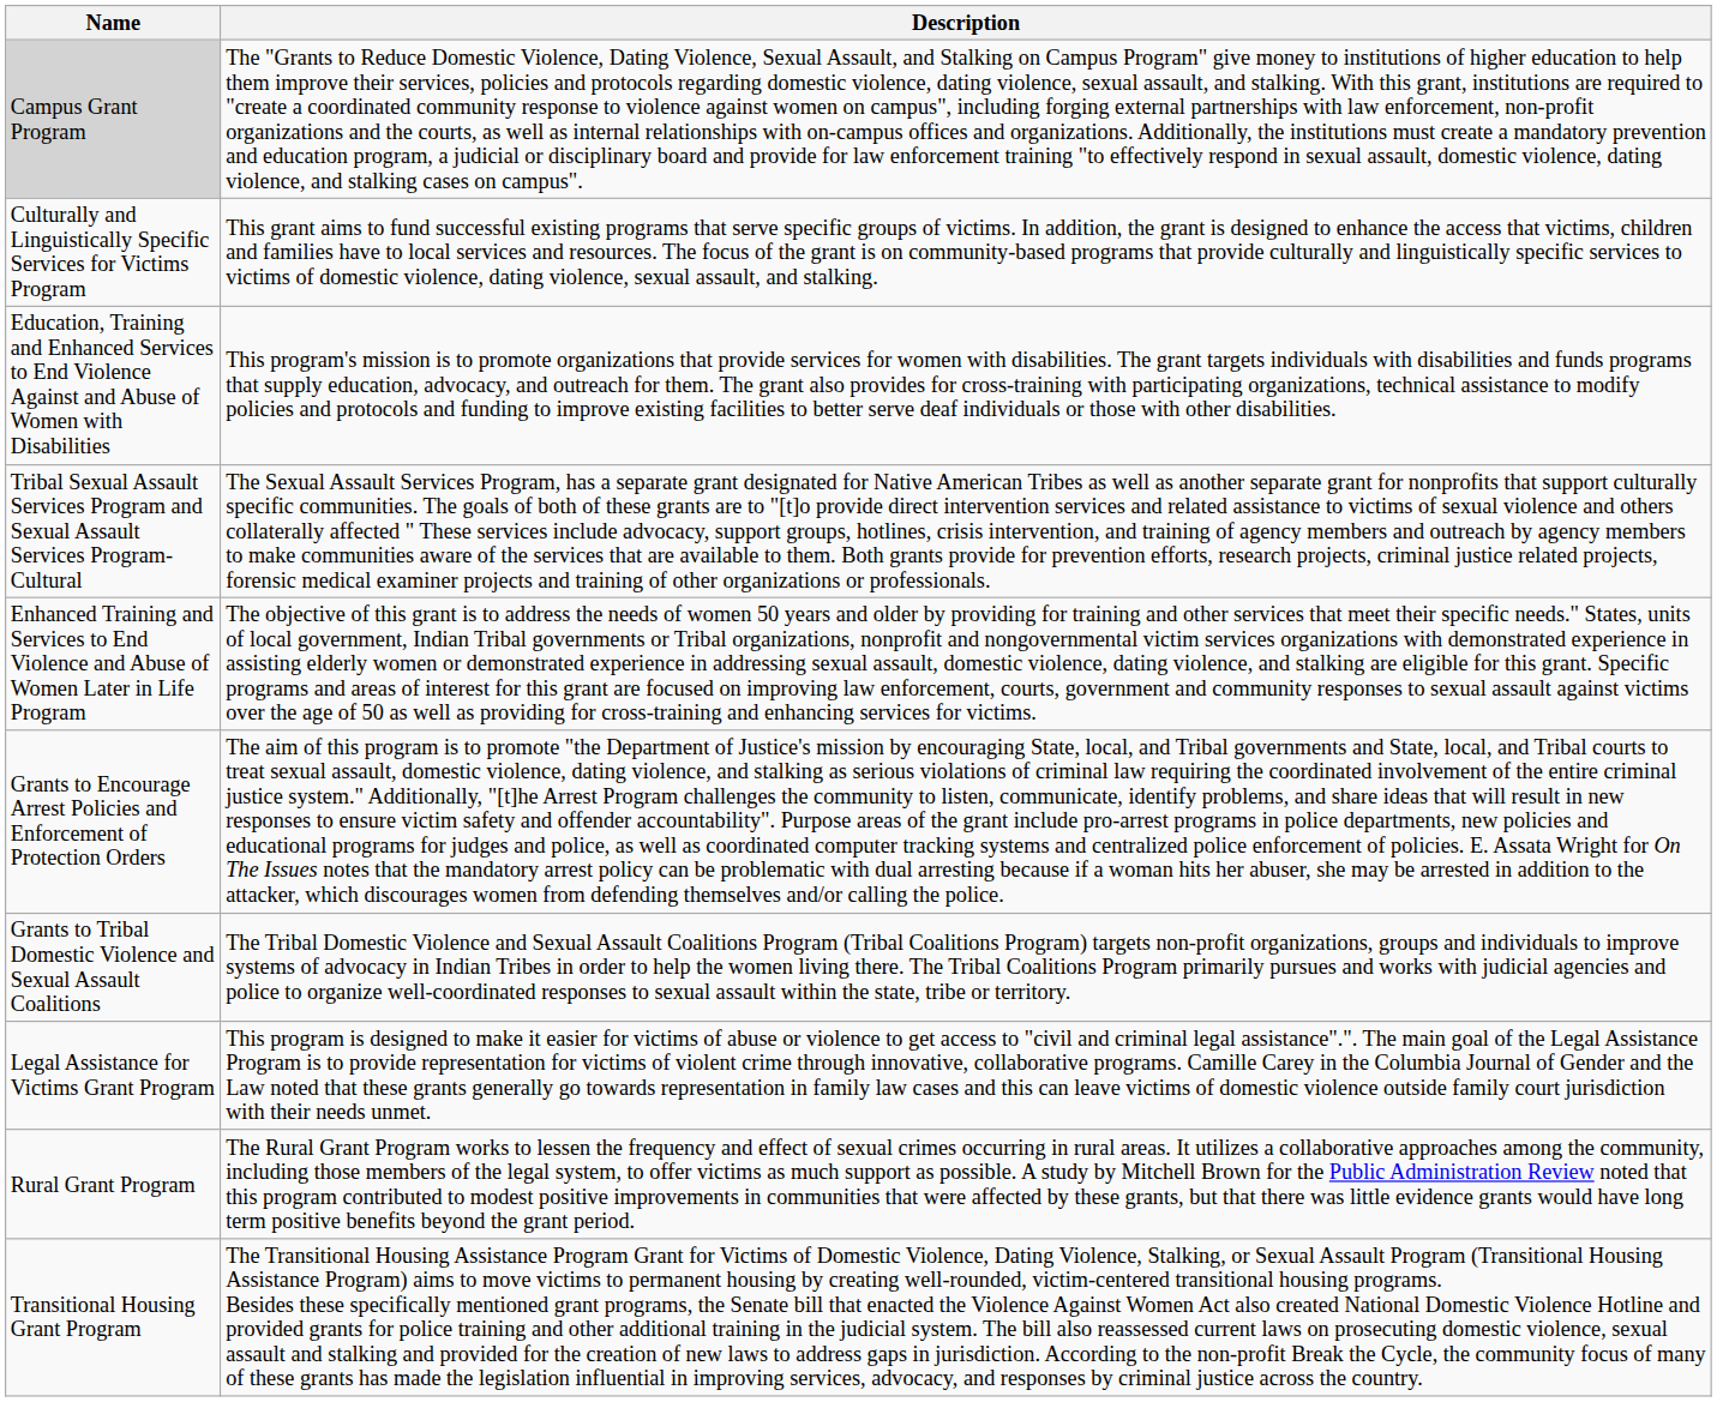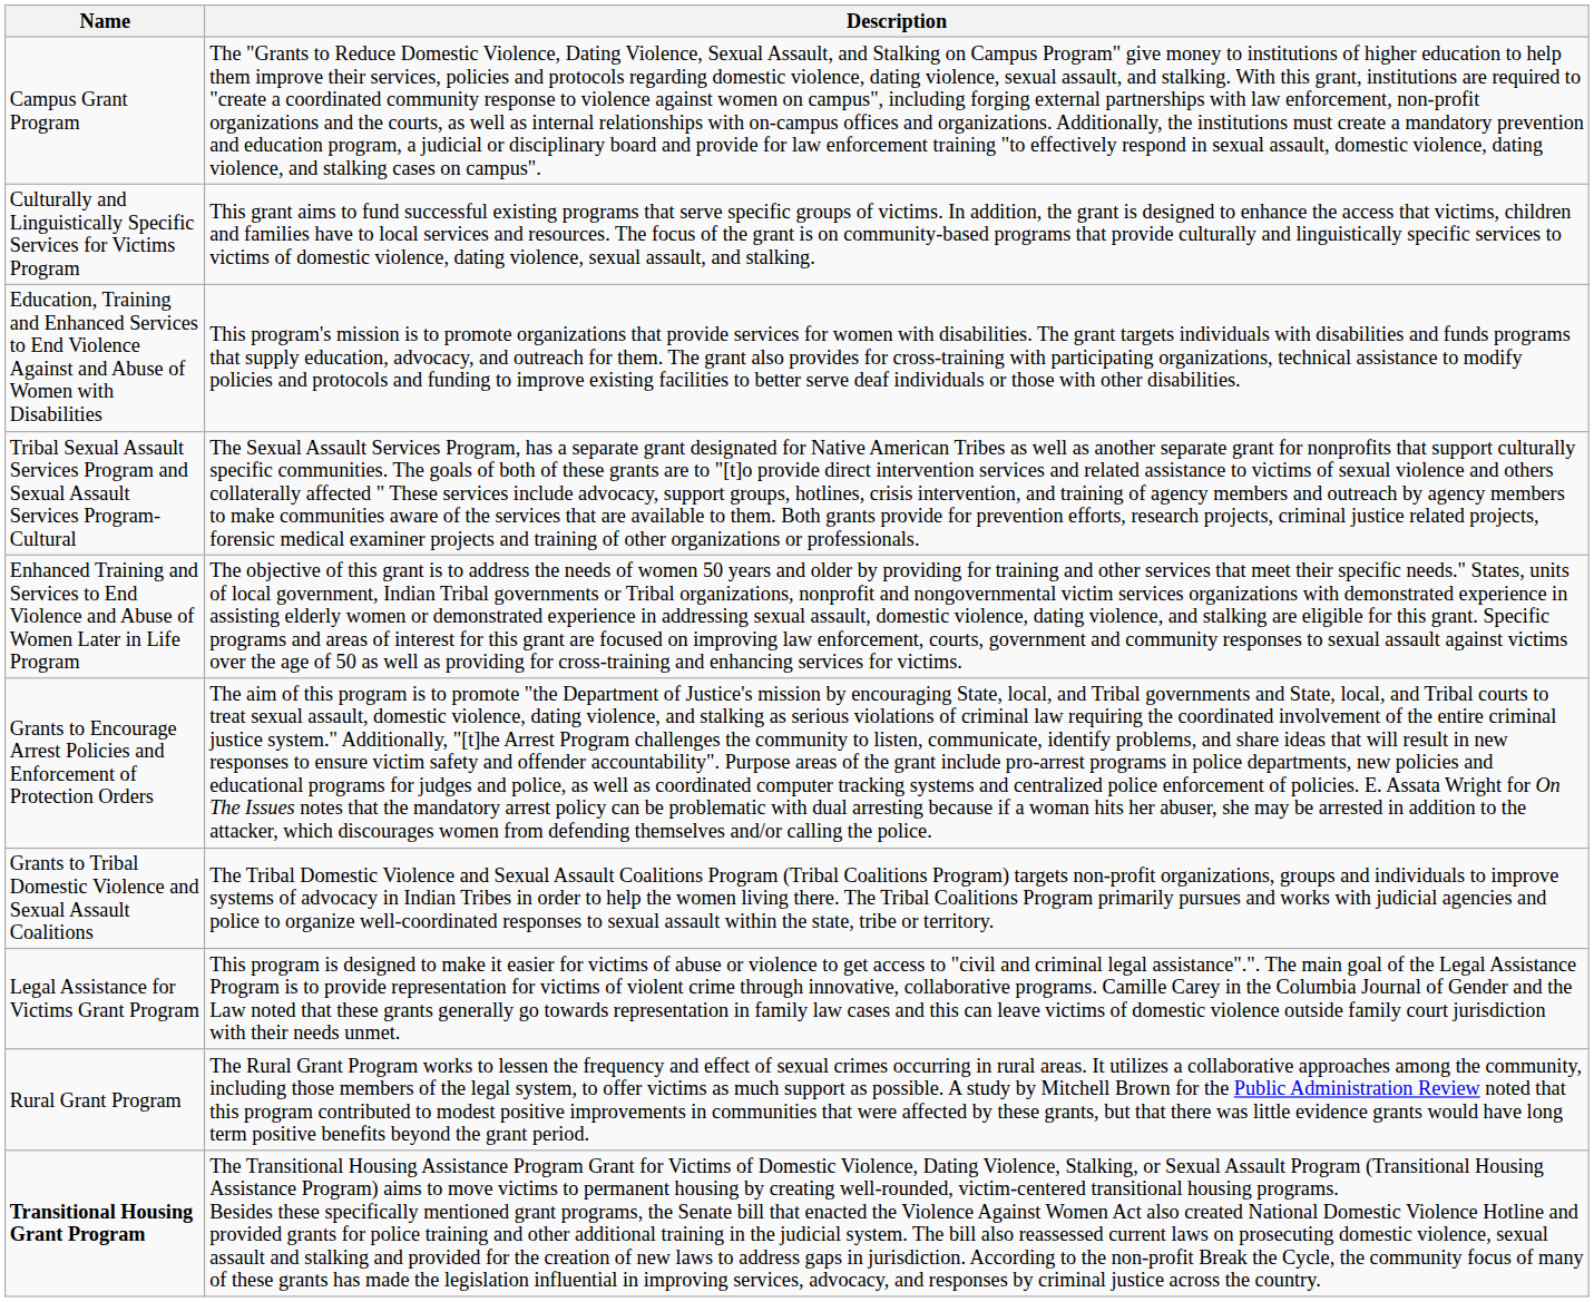 <table class="wikitable sortable">
 <tr>
 <th width="150">Name</th>
 <th class="unsortable">Description</th>
 </tr>
 <tr>
-<td style="background: lightgrey;">Campus Grant Program</td>
+<td>Campus Grant Program</td>
 <td>The "Grants to Reduce Domestic Violence, Dating Violence, Sexual Assault, and Stalking on Campus Program" give money to institutions of higher education to help them improve their services, policies and protocols regarding domestic violence, dating violence, sexual assault, and stalking. With this grant, institutions are required to "create a coordinated community response to violence against women on campus", including forging external partnerships with law enforcement, non-profit organizations and the courts, as well as internal relationships with on-campus offices and organizations.  Additionally, the institutions must create a mandatory prevention and education program, a judicial or disciplinary board and provide for law enforcement training "to effectively respond in sexual assault, domestic violence, dating violence, and stalking cases on campus".</td>
 </tr>
 <tr>
 <td>Culturally and Linguistically Specific Services for Victims Program</td>
 <td>This grant aims to fund successful existing programs that serve specific groups of victims. In addition, the grant is designed to enhance the access that victims, children and families have to local services and resources. The focus of the grant is on community-based programs that provide culturally and linguistically specific services to victims of domestic violence, dating violence, sexual assault, and stalking.</td>
 </tr>
 <tr>
 <td>Education, Training and Enhanced Services to End Violence Against and Abuse of Women with Disabilities</td>
 <td>This program's mission is to promote organizations that provide services for women with disabilities. The grant targets individuals with disabilities and funds programs that supply education, advocacy, and outreach for them.  The grant also provides for cross-training with participating organizations, technical assistance to modify policies and protocols and funding to improve existing facilities to better serve deaf individuals or those with other disabilities.</td>
 </tr>
 <tr>
 <td>Tribal Sexual Assault Services Program and Sexual Assault Services Program-Cultural</td>
 <td>The Sexual Assault Services Program, has a separate grant designated for Native American Tribes as well as another separate grant for nonprofits that support culturally specific communities. The goals of both of these grants are to "[t]o provide direct intervention services and related assistance to victims of sexual violence and others collaterally affected " These services include advocacy, support groups, hotlines, crisis intervention, and training of agency members and outreach by agency members to make communities aware of the services that are available to them. Both grants provide for prevention efforts, research projects, criminal justice related projects, forensic medical examiner projects and training of other organizations or professionals.</td>
 </tr>
 <tr>
 <td>Enhanced Training and Services to End Violence and Abuse of Women Later in Life Program</td>
 <td>The objective of this grant is to address the needs of women 50 years and older by providing for training and other services that meet their specific needs." States, units of local government, Indian Tribal governments or Tribal organizations, nonprofit and nongovernmental victim services organizations with demonstrated experience in assisting elderly women or demonstrated experience in addressing sexual assault, domestic violence, dating violence, and stalking are eligible for this grant. Specific programs and areas of interest for this grant are focused on improving law enforcement, courts, government and community responses to sexual assault against victims over the age of 50 as well as providing for cross-training and enhancing services for victims.</td>
 </tr>
 <tr>
 <td>Grants to Encourage Arrest Policies and Enforcement of Protection Orders</td>
 <td>The aim of this program is to promote "the Department of Justice's mission by encouraging State, local, and Tribal governments and State, local, and Tribal courts to treat sexual assault, domestic violence, dating violence, and stalking as serious violations of criminal law requiring the coordinated involvement of the entire criminal justice system." Additionally, "[t]he Arrest Program challenges the community to listen, communicate, identify problems, and share ideas that will result in new responses to ensure victim safety and offender accountability". Purpose areas of the grant include pro-arrest programs in police departments, new policies and educational programs for judges and police, as well as coordinated computer tracking systems and centralized police enforcement of policies. E. Assata Wright for <em>On The Issues</em> notes that the mandatory arrest policy can be problematic with dual arresting because if a woman hits her abuser, she may be arrested in addition to the attacker, which discourages women from defending themselves and/or calling the police.</td>
 </tr>
 <tr>
 <td>Grants to Tribal Domestic Violence and Sexual Assault Coalitions</td>
 <td>The Tribal Domestic Violence and Sexual Assault Coalitions Program (Tribal Coalitions Program)  targets non-profit organizations, groups and individuals to improve systems of advocacy in Indian Tribes in order to help the women living there. The Tribal Coalitions Program primarily pursues and works with judicial agencies and police to organize well-coordinated responses to sexual assault within the state, tribe or territory.</td>
 </tr>
 <tr>
 <td>Legal Assistance for Victims Grant Program</td>
 <td>This program is designed to make it easier for victims of abuse or violence to get access to "civil and criminal legal assistance".". The main goal of the Legal Assistance Program is to provide representation for victims of violent crime through innovative, collaborative programs. Camille Carey in the Columbia Journal of Gender and the Law noted that these grants generally go towards representation in family law cases and this can leave victims of domestic violence outside family court jurisdiction with their needs unmet.</td>
 </tr>
 <tr>
 <td>Rural Grant Program</td>
 <td>The Rural Grant Program works to lessen the frequency and effect of sexual crimes occurring in rural areas.  It utilizes a collaborative approaches among the community, including those members of the legal system, to offer victims as much support as possible. A study by Mitchell Brown for the <a href='#'>Public Administration Review</a> noted that this program contributed to modest positive improvements in communities that were affected by these grants, but that there was little evidence grants would have long term positive benefits beyond the grant period.</td>
 </tr>
 <tr>
-<td>Transitional Housing Grant Program</td>
+<td><strong>Transitional Housing Grant Program</strong></td>
 <td>The Transitional Housing Assistance Program Grant for Victims of Domestic Violence, Dating Violence, Stalking, or Sexual Assault Program (Transitional Housing Assistance Program) aims to move victims to permanent housing by creating well-rounded, victim-centered transitional housing programs.<br>Besides these specifically mentioned grant programs, the Senate bill that enacted the Violence Against Women Act also created National Domestic Violence Hotline and provided grants for police training and other additional training in the judicial system. The bill also reassessed current laws on prosecuting domestic violence, sexual assault and stalking and provided for the creation of new laws to address gaps in jurisdiction.  According to the non-profit Break the Cycle, the community focus of many of these grants has made the legislation influential in improving services, advocacy, and responses by criminal justice across the country.</td>
 </tr>
 </table>
